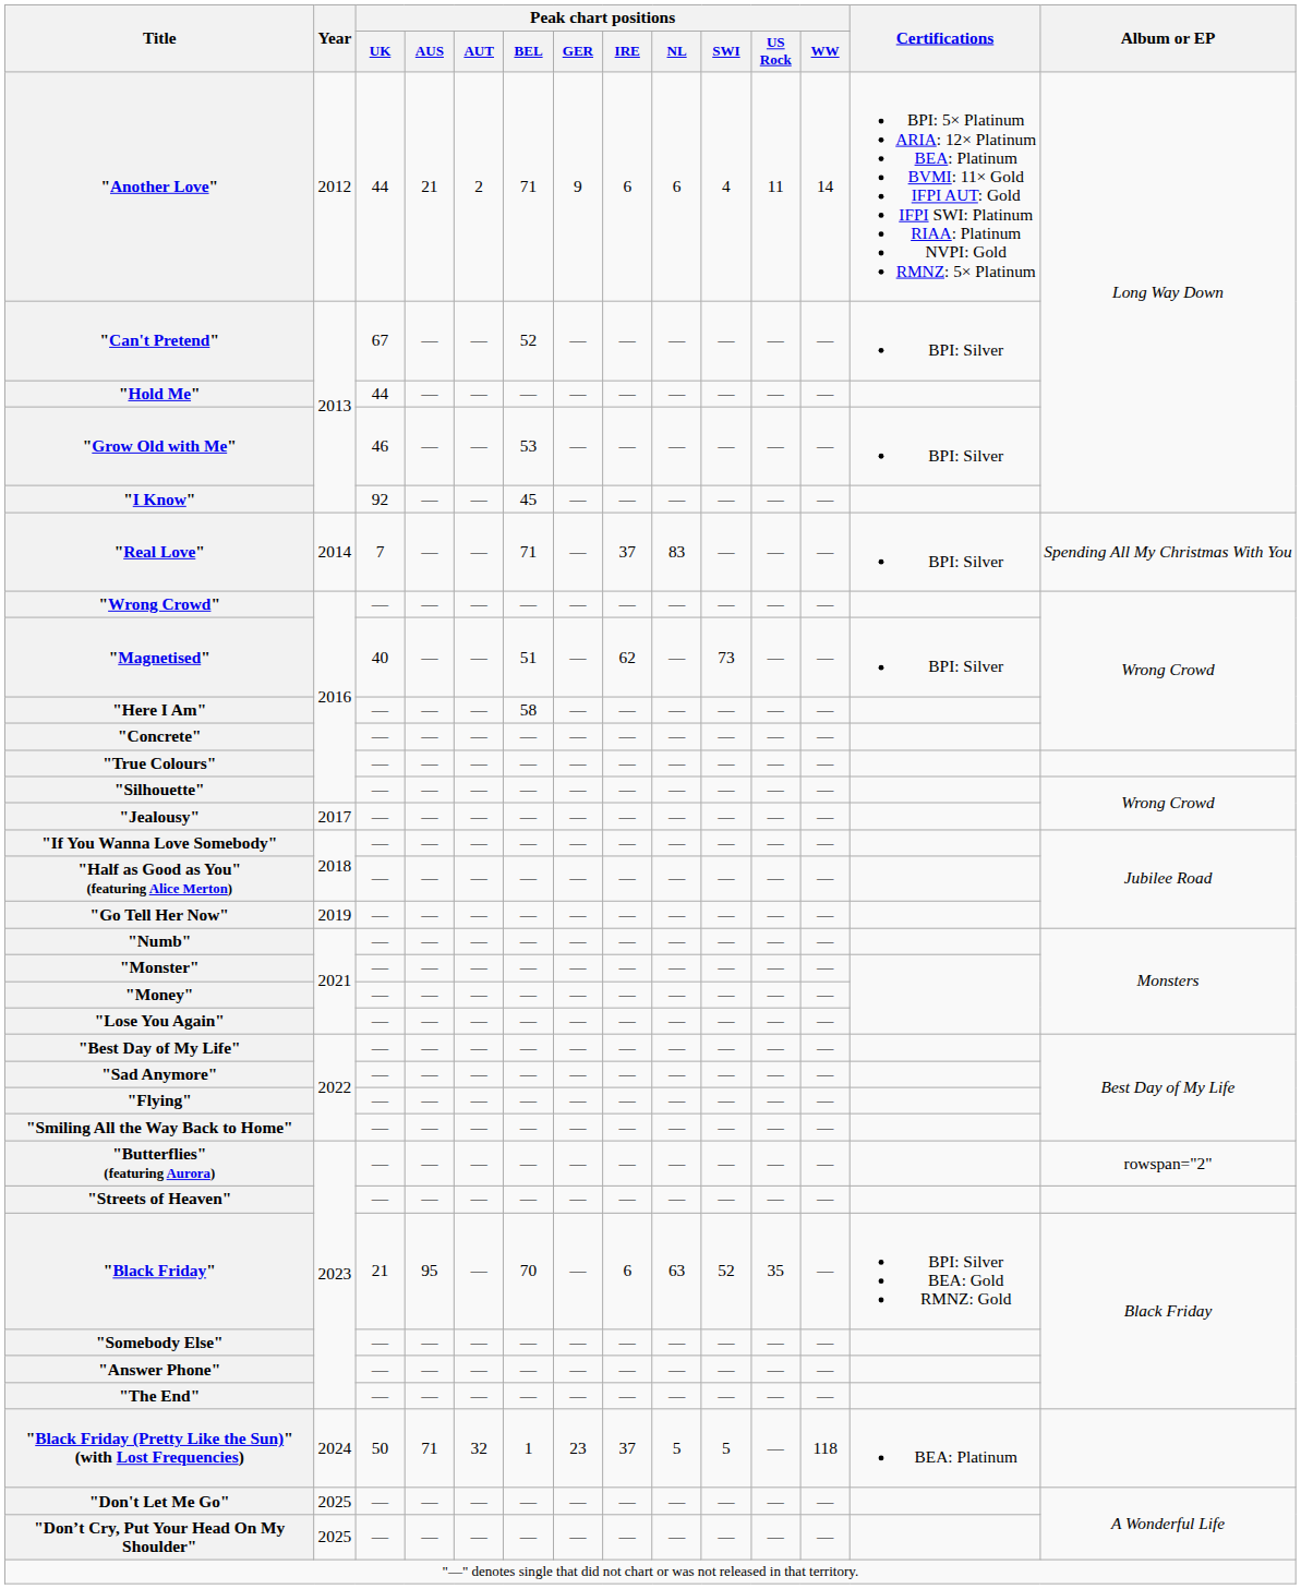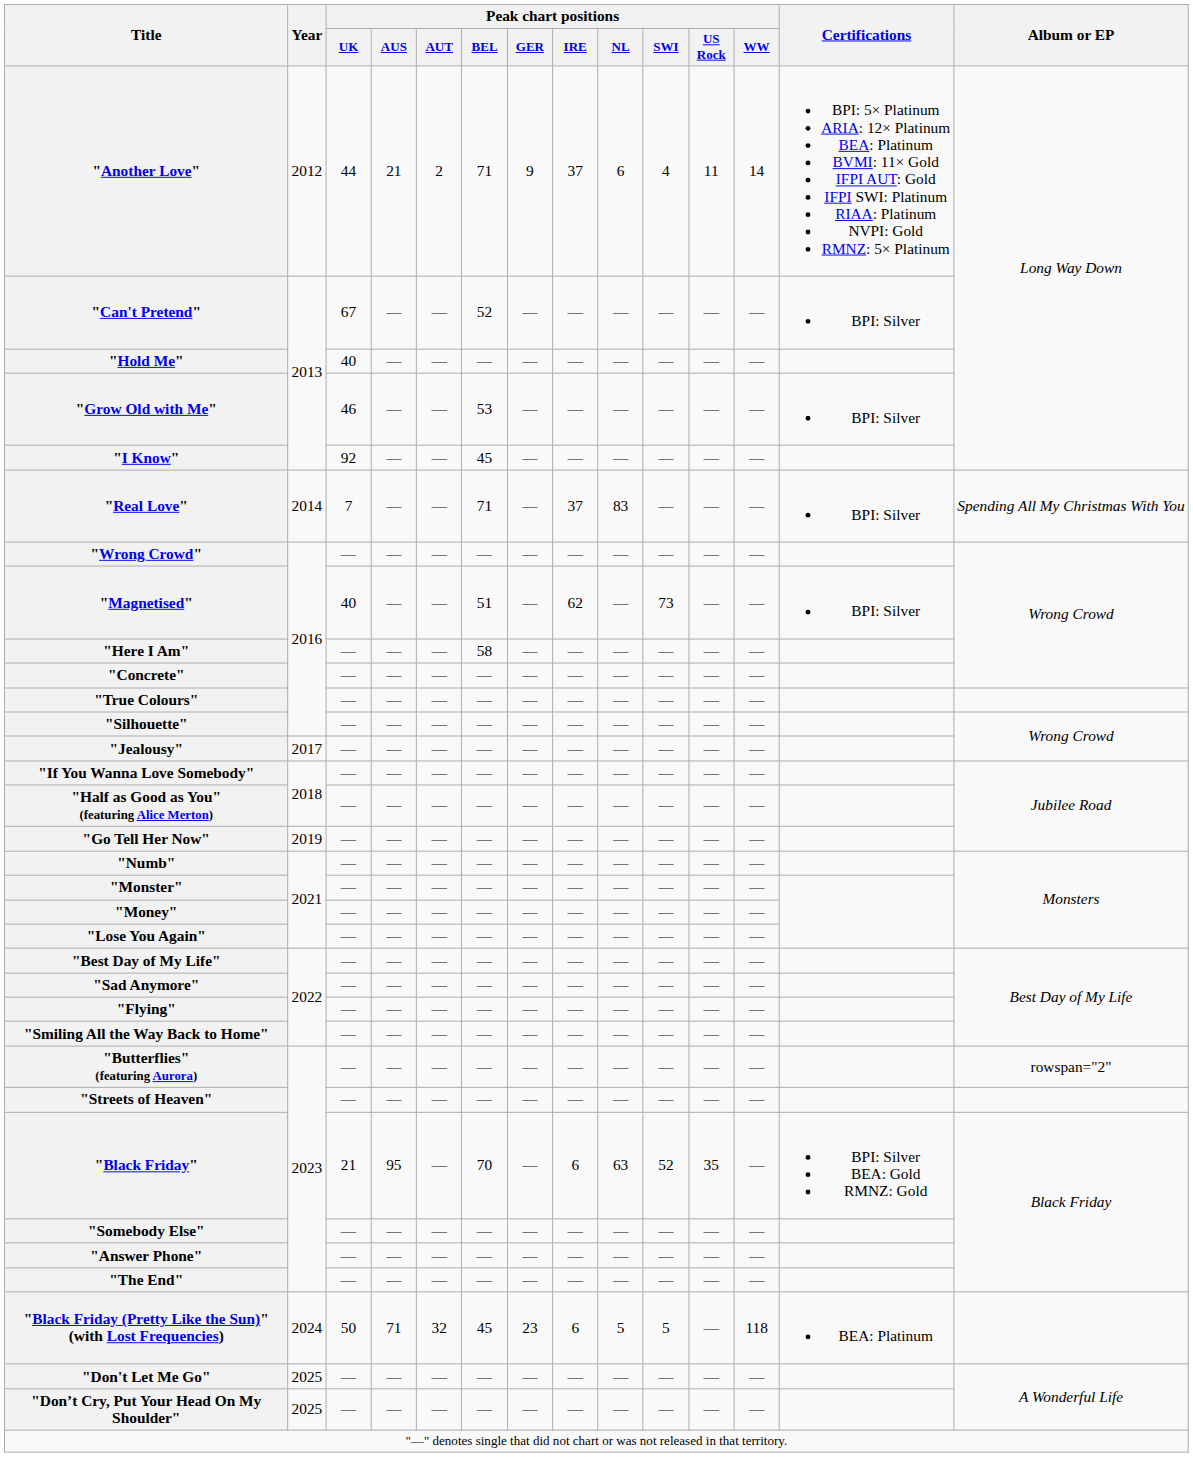 <table class="wikitable plainrowheaders" style="text-align:center;">
 <tr>
 <th scope="col" rowspan="2" style="width:18em;">Title</th>
 <th scope="col" rowspan="2" style="width:1em;">Year</th>
 <th scope="col" colspan="10">Peak chart positions</th>
 <th scope="col" rowspan="2"><a href='#'>Certifications</a></th>
 <th scope="col" rowspan="2">Album or EP</th>
 </tr>
 <tr>
 <th scope="col" style="width:3em;font-size:85%;"><a href='#'>UK</a><br></th>
 <th scope="col" style="width:3em;font-size:85%;"><a href='#'>AUS</a><br></th>
 <th scope="col" style="width:3em;font-size:85%;"><a href='#'>AUT</a><br></th>
 <th scope="col" style="width:3em;font-size:85%;"><a href='#'>BEL</a><br></th>
 <th scope="col" style="width:3em;font-size:85%;"><a href='#'>GER</a><br></th>
 <th scope="col" style="width:3em;font-size:85%;"><a href='#'>IRE</a><br></th>
 <th scope="col" style="width:3em;font-size:85%;"><a href='#'>NL</a><br></th>
 <th scope="col" style="width:3em;font-size:85%;"><a href='#'>SWI</a><br></th>
 <th scope="col" style="width:3em;font-size:85%;"><a href='#'>US Rock</a><br></th>
 <th scope="col" style="width:3em;font-size:85%;"><a href='#'>WW</a><br></th>
 </tr>
 <tr>
 <th scope="row">"<a href='#'>Another Love</a>"</th>
 <td>2012</td>
 <td>44</td>
 <td>21</td>
 <td>2</td>
 <td>71</td>
 <td>9</td>
-<td>6</td>
+<td>37<br></td>
 <td>6</td>
 <td>4</td>
 <td>11</td>
 <td>14</td>
 <td><br><ul><li>BPI: 5× Platinum</li><li><a href='#'>ARIA</a>: 12× Platinum</li><li><a href='#'>BEA</a>: Platinum</li><li><a href='#'>BVMI</a>: 11× Gold</li><li><a href='#'>IFPI AUT</a>: Gold</li><li><a href='#'>IFPI</a> SWI: Platinum</li><li><a href='#'>RIAA</a>: Platinum</li><li>NVPI: Gold</li><li><a href='#'>RMNZ</a>: 5× Platinum</li></ul></td>
 <td rowspan="5"><em>Long Way Down</em></td>
 </tr>
 <tr>
 <th scope="row">"<a href='#'>Can't Pretend</a>"</th>
 <td rowspan="4">2013</td>
 <td>67</td>
 <td>—</td>
 <td>—</td>
 <td>52</td>
 <td>—</td>
 <td>—</td>
 <td>—</td>
 <td>—</td>
 <td>—</td>
 <td>—</td>
 <td><br><ul><li>BPI: Silver</li></ul></td>
 </tr>
 <tr>
 <th scope="row">"<a href='#'>Hold Me</a>"</th>
-<td>44</td>
+<td>40</td>
 <td>—</td>
 <td>—</td>
 <td>—</td>
 <td>—</td>
 <td>—</td>
 <td>—</td>
 <td>—</td>
 <td>—</td>
 <td>—</td>
 <td></td>
 </tr>
 <tr>
 <th scope="row">"<a href='#'>Grow Old with Me</a>"</th>
 <td>46</td>
 <td>—</td>
 <td>—</td>
 <td>53</td>
 <td>—</td>
 <td>—</td>
 <td>—</td>
 <td>—</td>
 <td>—</td>
 <td>—</td>
 <td><br><ul><li>BPI: Silver</li></ul></td>
 </tr>
 <tr>
 <th scope="row">"<a href='#'>I Know</a>"</th>
 <td>92</td>
 <td>—</td>
 <td>—</td>
 <td>45</td>
 <td>—</td>
 <td>—</td>
 <td>—</td>
 <td>—</td>
 <td>—</td>
 <td>—</td>
 <td></td>
 </tr>
 <tr>
 <th scope="row">"<a href='#'>Real Love</a>"</th>
 <td>2014</td>
 <td>7</td>
 <td>—</td>
 <td>—</td>
 <td>71</td>
 <td>—</td>
 <td>37<br></td>
 <td>83</td>
 <td>—</td>
 <td>—</td>
 <td>—</td>
 <td><br><ul><li>BPI: Silver</li></ul></td>
 <td><em>Spending All My Christmas With You</em></td>
 </tr>
 <tr>
 <th scope="row">"<a href='#'>Wrong Crowd</a>"</th>
 <td rowspan="6">2016</td>
 <td>—</td>
 <td>—</td>
 <td>—</td>
 <td>—</td>
 <td>—</td>
 <td>—</td>
 <td>—</td>
 <td>—</td>
 <td>—</td>
 <td>—</td>
 <td></td>
 <td rowspan="4"><em>Wrong Crowd</em></td>
 </tr>
 <tr>
 <th scope="row">"<a href='#'>Magnetised</a>"</th>
 <td>40</td>
 <td>—</td>
 <td>—</td>
 <td>51</td>
 <td>—</td>
 <td>62</td>
 <td>—</td>
 <td>73</td>
 <td>—</td>
 <td>—</td>
 <td><br><ul><li>BPI: Silver</li></ul></td>
 </tr>
 <tr>
 <th scope="row">"Here I Am"</th>
 <td>—</td>
 <td>—</td>
 <td>—</td>
 <td>58</td>
 <td>—</td>
 <td>—</td>
 <td>—</td>
 <td>—</td>
 <td>—</td>
 <td>—</td>
 <td></td>
 </tr>
 <tr>
 <th scope="row">"Concrete"</th>
 <td>—</td>
 <td>—</td>
 <td>—</td>
 <td>—</td>
 <td>—</td>
 <td>—</td>
 <td>—</td>
 <td>—</td>
 <td>—</td>
 <td>—</td>
 <td></td>
 </tr>
 <tr>
 <th scope="row">"True Colours"</th>
 <td>—</td>
 <td>—</td>
 <td>—</td>
 <td>—</td>
 <td>—</td>
 <td>—</td>
 <td>—</td>
 <td>—</td>
 <td>—</td>
 <td>—</td>
 <td></td>
 <td></td>
 </tr>
 <tr>
 <th scope="row">"Silhouette"</th>
 <td>—</td>
 <td>—</td>
 <td>—</td>
 <td>—</td>
 <td>—</td>
 <td>—</td>
 <td>—</td>
 <td>—</td>
 <td>—</td>
 <td>—</td>
 <td></td>
 <td rowspan="2"><em>Wrong Crowd</em></td>
 </tr>
 <tr>
 <th scope="row">"Jealousy"</th>
 <td>2017</td>
 <td>—</td>
 <td>—</td>
 <td>—</td>
 <td>—</td>
 <td>—</td>
 <td>—</td>
 <td>—</td>
 <td>—</td>
 <td>—</td>
 <td>—</td>
 <td></td>
 </tr>
 <tr>
 <th scope="row">"If You Wanna Love Somebody"</th>
 <td rowspan="2">2018</td>
 <td>—</td>
 <td>—</td>
 <td>—</td>
 <td>—</td>
 <td>—</td>
 <td>—</td>
 <td>—</td>
 <td>—</td>
 <td>—</td>
 <td>—</td>
 <td></td>
 <td rowspan="3"><em>Jubilee Road</em></td>
 </tr>
 <tr>
 <th scope="row">"Half as Good as You"<br><small>(featuring <a href='#'>Alice Merton</a>)</small></th>
 <td>—</td>
 <td>—</td>
 <td>—</td>
 <td>—</td>
 <td>—</td>
 <td>—</td>
 <td>—</td>
 <td>—</td>
 <td>—</td>
 <td>—</td>
 <td></td>
 </tr>
 <tr>
 <th scope="row">"Go Tell Her Now"</th>
 <td>2019</td>
 <td>—</td>
 <td>—</td>
 <td>—</td>
 <td>—</td>
 <td>—</td>
 <td>—</td>
 <td>—</td>
 <td>—</td>
 <td>—</td>
 <td>—</td>
 <td></td>
 </tr>
 <tr>
 <th scope="row">"Numb"</th>
 <td rowspan="4">2021</td>
 <td>—</td>
 <td>—</td>
 <td>—</td>
 <td>—</td>
 <td>—</td>
 <td>—</td>
 <td>—</td>
 <td>—</td>
 <td>—</td>
 <td>—</td>
 <td></td>
 <td rowspan="4"><em>Monsters</em></td>
 </tr>
 <tr>
 <th scope="row">"Monster"</th>
 <td>—</td>
 <td>—</td>
 <td>—</td>
 <td>—</td>
 <td>—</td>
 <td>—</td>
 <td>—</td>
 <td>—</td>
 <td>—</td>
 <td>—</td>
 </tr>
 <tr>
 <th scope="row">"Money"</th>
 <td>—</td>
 <td>—</td>
 <td>—</td>
 <td>—</td>
 <td>—</td>
 <td>—</td>
 <td>—</td>
 <td>—</td>
 <td>—</td>
 <td>—</td>
 </tr>
 <tr>
 <th scope="row">"Lose You Again"</th>
 <td>—</td>
 <td>—</td>
 <td>—</td>
 <td>—</td>
 <td>—</td>
 <td>—</td>
 <td>—</td>
 <td>—</td>
 <td>—</td>
 <td>—</td>
 </tr>
 <tr>
 <th scope="row">"Best Day of My Life"</th>
 <td rowspan="4">2022</td>
 <td>—</td>
 <td>—</td>
 <td>—</td>
 <td>—</td>
 <td>—</td>
 <td>—</td>
 <td>—</td>
 <td>—</td>
 <td>—</td>
 <td>—</td>
 <td></td>
 <td rowspan="4"><em>Best Day of My Life</em></td>
 </tr>
 <tr>
 <th scope="row">"Sad Anymore"</th>
 <td>—</td>
 <td>—</td>
 <td>—</td>
 <td>—</td>
 <td>—</td>
 <td>—</td>
 <td>—</td>
 <td>—</td>
 <td>—</td>
 <td>—</td>
 <td></td>
 </tr>
 <tr>
 <th scope="row">"Flying"</th>
 <td>—</td>
 <td>—</td>
 <td>—</td>
 <td>—</td>
 <td>—</td>
 <td>—</td>
 <td>—</td>
 <td>—</td>
 <td>—</td>
 <td>—</td>
 <td></td>
 </tr>
 <tr>
 <th scope="row">"Smiling All the Way Back to Home"</th>
 <td>—</td>
 <td>—</td>
 <td>—</td>
 <td>—</td>
 <td>—</td>
 <td>—</td>
 <td>—</td>
 <td>—</td>
 <td>—</td>
 <td>—</td>
 <td></td>
 </tr>
 <tr>
 <th scope="row">"Butterflies"<br><small>(featuring <a href='#'>Aurora</a>)</small></th>
 <td rowspan="6">2023</td>
 <td>—</td>
 <td>—</td>
 <td>—</td>
 <td>—</td>
 <td>—</td>
 <td>—</td>
 <td>—</td>
 <td>—</td>
 <td>—</td>
 <td>—</td>
 <td></td>
 <td>rowspan="2" </td>
 </tr>
 <tr>
 <th scope="row">"Streets of Heaven"</th>
 <td>—</td>
 <td>—</td>
 <td>—</td>
 <td>—</td>
 <td>—</td>
 <td>—</td>
 <td>—</td>
 <td>—</td>
 <td>—</td>
 <td>—</td>
 <td></td>
 </tr>
 <tr>
 <th scope="row">"<a href='#'>Black Friday</a>"</th>
 <td>21</td>
 <td>95</td>
 <td>—</td>
 <td>70</td>
 <td>—</td>
 <td>6</td>
 <td>63</td>
 <td>52</td>
 <td>35</td>
 <td>—</td>
 <td><br><ul><li>BPI: Silver</li><li>BEA: Gold</li><li>RMNZ: Gold</li></ul></td>
 <td rowspan="4"><em>Black Friday</em></td>
 </tr>
 <tr>
 <th scope="row">"Somebody Else"</th>
 <td>—</td>
 <td>—</td>
 <td>—</td>
 <td>—</td>
 <td>—</td>
 <td>—</td>
 <td>—</td>
 <td>—</td>
 <td>—</td>
 <td>—</td>
 <td></td>
 </tr>
 <tr>
 <th scope="row">"Answer Phone"</th>
 <td>—</td>
 <td>—</td>
 <td>—</td>
 <td>—</td>
 <td>—</td>
 <td>—</td>
 <td>—</td>
 <td>—</td>
 <td>—</td>
 <td>—</td>
 <td></td>
 </tr>
 <tr>
 <th scope="row">"The End"</th>
 <td>—</td>
 <td>—</td>
 <td>—</td>
 <td>—</td>
 <td>—</td>
 <td>—</td>
 <td>—</td>
 <td>—</td>
 <td>—</td>
 <td>—</td>
 <td></td>
 </tr>
 <tr>
 <th scope="row">"<a href='#'>Black Friday (Pretty Like the Sun)</a>"<br><span>(with <a href='#'>Lost Frequencies</a>)</span></th>
 <td>2024</td>
 <td>50</td>
 <td>71</td>
 <td>32</td>
-<td>1</td>
+<td>45</td>
 <td>23</td>
-<td>37<br></td>
+<td>6</td>
 <td>5</td>
 <td>5</td>
 <td>—</td>
 <td>118</td>
 <td><br><ul><li>BEA: Platinum</li></ul></td>
 <td></td>
 </tr>
 <tr>
 <th scope="row">"Don't Let Me Go"</th>
 <td>2025</td>
 <td>—</td>
 <td>—</td>
 <td>—</td>
 <td>—</td>
 <td>—</td>
 <td>—</td>
 <td>—</td>
 <td>—</td>
 <td>—</td>
 <td>—</td>
 <td></td>
 <td rowspan=2><em>A Wonderful Life</em></td>
 </tr>
 <tr>
 <th scope="row">"Don’t Cry, Put Your Head On My Shoulder"</th>
 <td>2025</td>
 <td>—</td>
 <td>—</td>
 <td>—</td>
 <td>—</td>
 <td>—</td>
 <td>—</td>
 <td>—</td>
 <td>—</td>
 <td>—</td>
 <td>—</td>
 <td></td>
 </tr>
 <tr>
 <td colspan="18" style="font-size:85%">"—" denotes single that did not chart or was not released in that territory.</td>
 </tr>
 </table>
